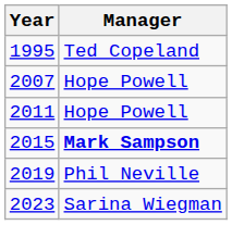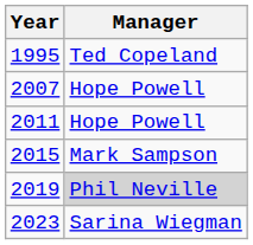 <table class="wikitable">
 <tr>
 <th>Year</th>
 <th>Manager</th>
 </tr>
 <tr>
 <td align=center><a href='#'>1995</a></td>
 <td> <a href='#'>Ted Copeland</a></td>
 </tr>
 <tr>
 <td align=center><a href='#'>2007</a></td>
 <td> <a href='#'>Hope Powell</a></td>
 </tr>
 <tr>
 <td align=center><a href='#'>2011</a></td>
 <td> <a href='#'>Hope Powell</a></td>
 </tr>
 <tr>
 <td align=center><a href='#'>2015</a></td>
-<td><strong> <a href='#'>Mark Sampson</a></strong></td>
+<td> <a href='#'>Mark Sampson</a></td>
 </tr>
 <tr>
 <td align=center><a href='#'>2019</a></td>
-<td> <a href='#'>Phil Neville</a></td>
+<td style="background: lightgrey;"> <a href='#'>Phil Neville</a></td>
 </tr>
 <tr>
 <td align=center><a href='#'>2023</a></td>
 <td> <a href='#'>Sarina Wiegman</a></td>
 </tr>
 </table>
